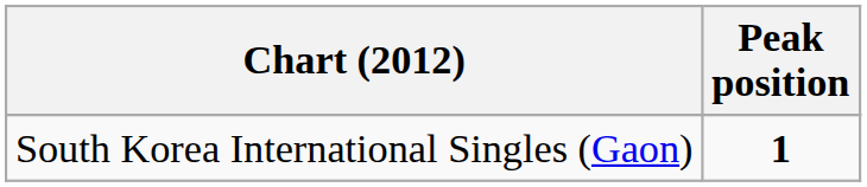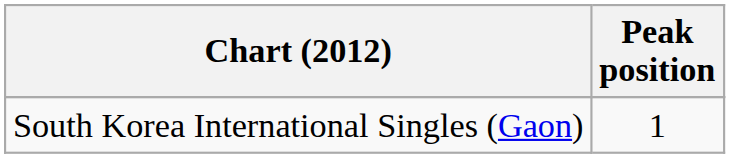 <table class="wikitable sortable">
 <tr>
 <th>Chart (2012)</th>
 <th>Peak<br>position</th>
 </tr>
 <tr>
 </tr>
 <tr>
 <td>South Korea International Singles (<a href='#'>Gaon</a>)</td>
-<td style="text-align:center;"><strong>1</strong></td>
+<td style="text-align:center;">1</td>
 </tr>
 </table>
